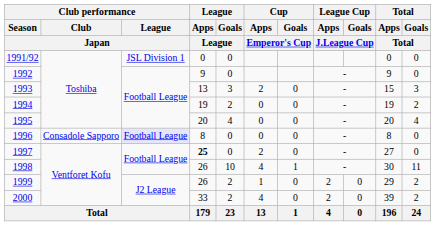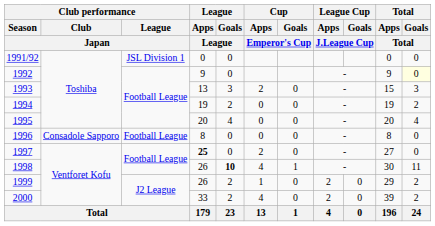 <table class="wikitable" style="text-align:center;">
 <tr>
 <th colspan=3>Club performance</th>
 <th colspan=2>League</th>
 <th colspan=2>Cup</th>
 <th colspan=2>League Cup</th>
 <th colspan=2>Total</th>
 </tr>
 <tr>
 <th>Season</th>
 <th>Club</th>
 <th>League</th>
 <th>Apps</th>
 <th>Goals</th>
 <th>Apps</th>
 <th>Goals</th>
 <th>Apps</th>
 <th>Goals</th>
 <th>Apps</th>
 <th>Goals</th>
 </tr>
 <tr>
 <th colspan=3>Japan</th>
 <th colspan=2>League</th>
 <th colspan=2><a href='#'>Emperor's Cup</a></th>
 <th colspan=2><a href='#'>J.League Cup</a></th>
 <th colspan=2>Total</th>
 </tr>
 <tr>
 <td><a href='#'>1991/92</a></td>
 <td rowspan="5"><a href='#'>Toshiba</a></td>
 <td><a href='#'>JSL Division 1</a></td>
 <td>0</td>
 <td>0</td>
 <td></td>
 <td></td>
 <td></td>
 <td></td>
 <td>0</td>
 <td>0</td>
 </tr>
 <tr>
 <td><a href='#'>1992</a></td>
 <td rowspan="4"><a href='#'>Football League</a></td>
 <td>9</td>
 <td>0</td>
 <td></td>
 <td></td>
 <td colspan="2">-</td>
 <td>9</td>
-<td>0</td>
+<td style="background: lightyellow;">0</td>
 </tr>
 <tr>
 <td><a href='#'>1993</a></td>
 <td>13</td>
 <td>3</td>
 <td>2</td>
 <td>0</td>
 <td colspan="2">-</td>
 <td>15</td>
 <td>3</td>
 </tr>
 <tr>
 <td><a href='#'>1994</a></td>
 <td>19</td>
 <td>2</td>
 <td>0</td>
 <td>0</td>
 <td colspan="2">-</td>
 <td>19</td>
 <td>2</td>
 </tr>
 <tr>
 <td><a href='#'>1995</a></td>
 <td>20</td>
 <td>4</td>
 <td>0</td>
 <td>0</td>
 <td colspan="2">-</td>
 <td>20</td>
 <td>4</td>
 </tr>
 <tr>
 <td><a href='#'>1996</a></td>
 <td><a href='#'>Consadole Sapporo</a></td>
-<td style="background: lavender;"><a href='#'>Football League</a></td>
+<td><a href='#'>Football League</a></td>
 <td>8</td>
 <td>0</td>
 <td>0</td>
 <td>0</td>
 <td colspan="2">-</td>
 <td>8</td>
 <td>0</td>
 </tr>
 <tr>
 <td><a href='#'>1997</a></td>
 <td rowspan="4"><a href='#'>Ventforet Kofu</a></td>
 <td rowspan="2"><a href='#'>Football League</a></td>
 <td><strong>25</strong></td>
 <td>0</td>
 <td>2</td>
 <td>0</td>
 <td colspan="2">-</td>
 <td>27</td>
 <td>0</td>
 </tr>
 <tr>
 <td><a href='#'>1998</a></td>
 <td>26</td>
-<td>10</td>
+<td><strong>10</strong></td>
 <td>4</td>
 <td>1</td>
 <td colspan="2">-</td>
 <td>30</td>
 <td>11</td>
 </tr>
 <tr>
 <td><a href='#'>1999</a></td>
 <td rowspan="2"><a href='#'>J2 League</a></td>
 <td>26</td>
 <td>2</td>
 <td>1</td>
 <td>0</td>
 <td>2</td>
 <td>0</td>
 <td>29</td>
 <td>2</td>
 </tr>
 <tr>
 <td><a href='#'>2000</a></td>
 <td>33</td>
 <td>2</td>
 <td>4</td>
 <td>0</td>
 <td>2</td>
 <td>0</td>
 <td>39</td>
 <td>2</td>
 </tr>
 <tr>
 <th colspan=3>Total</th>
 <th>179</th>
 <th>23</th>
 <th>13</th>
 <th>1</th>
 <th>4</th>
 <th>0</th>
 <th>196</th>
 <th>24</th>
 </tr>
 </table>
